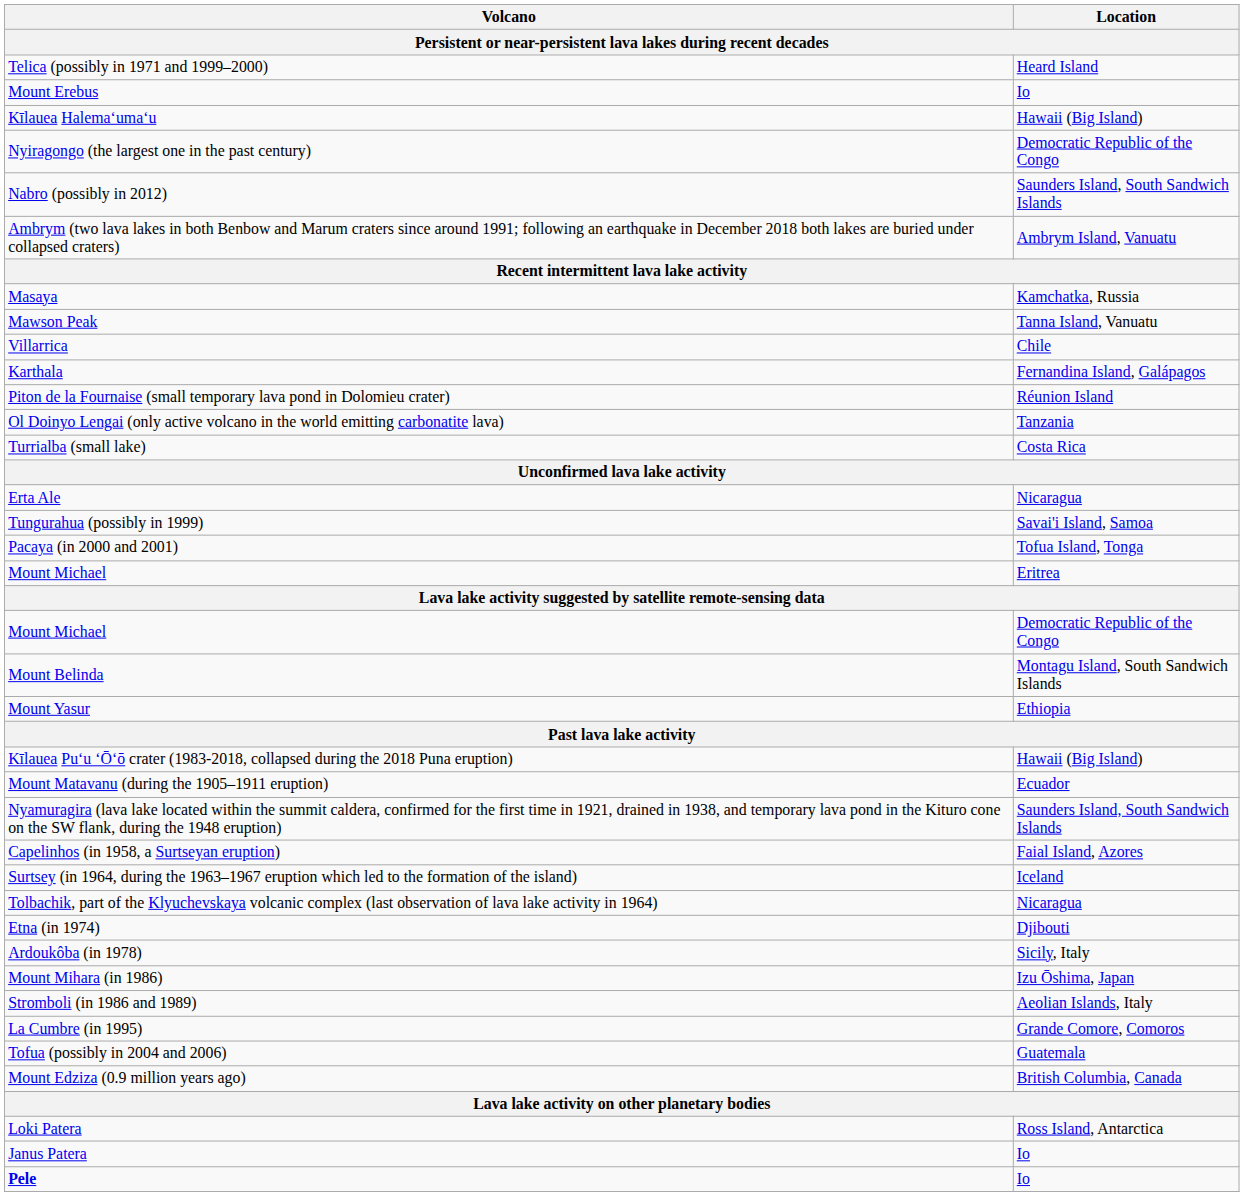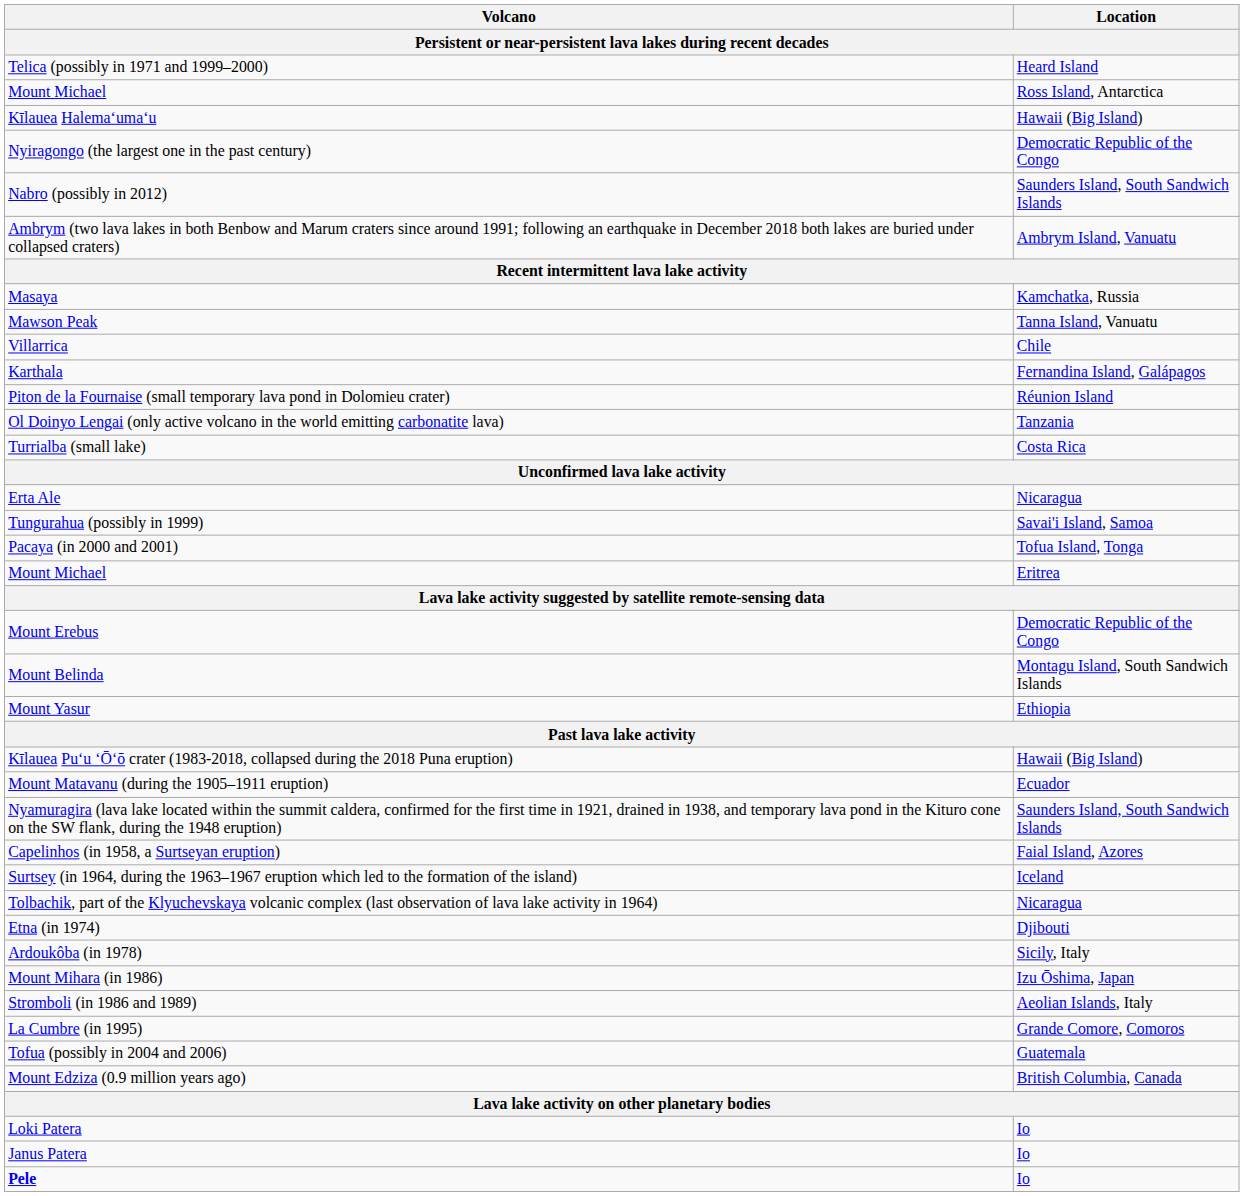 <table class="wikitable">
 <tr>
 <th>Volcano</th>
 <th>Location</th>
 </tr>
 <tr>
 <th scope="row" colspan="2">Persistent or near-persistent lava lakes during recent decades</th>
 </tr>
 <tr>
 <td><a href='#'>Telica</a> (possibly in 1971 and 1999–2000)</td>
 <td><a href='#'>Heard Island</a></td>
 </tr>
 <tr>
-<td><a href='#'>Mount Erebus</a></td>
-<td><a href='#'>Io</a></td>
+<td><a href='#'>Mount Michael</a></td>
+<td><a href='#'>Ross Island</a>, Antarctica</td>
 </tr>
 <tr>
 <td><a href='#'>Kīlauea</a> <a href='#'>Halemaʻumaʻu</a></td>
 <td><a href='#'>Hawaii</a> (<a href='#'>Big Island</a>)</td>
 </tr>
 <tr>
 <td><a href='#'>Nyiragongo</a> (the largest one in the past century)</td>
 <td><a href='#'>Democratic Republic of the Congo</a></td>
 </tr>
 <tr>
 <td><a href='#'>Nabro</a> (possibly in 2012)</td>
 <td><a href='#'>Saunders Island</a>, <a href='#'>South Sandwich Islands</a></td>
 </tr>
 <tr>
 <td><a href='#'>Ambrym</a> (two lava lakes in both Benbow and Marum craters since around 1991; following an earthquake in December 2018 both lakes are buried under collapsed craters)</td>
 <td><a href='#'>Ambrym Island</a>, <a href='#'>Vanuatu</a></td>
 </tr>
 <tr>
 <th scope="row" colspan="2">Recent intermittent lava lake activity</th>
 </tr>
 <tr>
 <td><a href='#'>Masaya</a></td>
 <td><a href='#'>Kamchatka</a>, Russia</td>
 </tr>
 <tr>
 <td><a href='#'>Mawson Peak</a></td>
 <td><a href='#'>Tanna Island</a>, Vanuatu</td>
 </tr>
 <tr>
 <td><a href='#'>Villarrica</a></td>
 <td><a href='#'>Chile</a></td>
 </tr>
 <tr>
 <td><a href='#'>Karthala</a></td>
 <td><a href='#'>Fernandina Island</a>, <a href='#'>Galápagos</a></td>
 </tr>
 <tr>
 <td><a href='#'>Piton de la Fournaise</a> (small temporary lava pond in Dolomieu crater)</td>
 <td><a href='#'>Réunion Island</a></td>
 </tr>
 <tr>
 <td><a href='#'>Ol Doinyo Lengai</a> (only active volcano in the world emitting <a href='#'>carbonatite</a> lava)</td>
 <td><a href='#'>Tanzania</a></td>
 </tr>
 <tr>
 <td><a href='#'>Turrialba</a> (small lake)</td>
 <td><a href='#'>Costa Rica</a></td>
 </tr>
 <tr>
 <th scope="row" colspan="2">Unconfirmed lava lake activity</th>
 </tr>
 <tr>
 <td><a href='#'>Erta Ale</a></td>
 <td><a href='#'>Nicaragua</a></td>
 </tr>
 <tr>
 <td><a href='#'>Tungurahua</a> (possibly in 1999)</td>
 <td><a href='#'>Savai'i Island</a>, <a href='#'>Samoa</a></td>
 </tr>
 <tr>
 <td><a href='#'>Pacaya</a> (in 2000 and 2001)</td>
 <td><a href='#'>Tofua Island</a>, <a href='#'>Tonga</a></td>
 </tr>
 <tr>
 <td><a href='#'>Mount Michael</a></td>
 <td><a href='#'>Eritrea</a></td>
 </tr>
 <tr>
 <th scope="row" colspan="2">Lava lake activity suggested by satellite remote-sensing data</th>
 </tr>
 <tr>
-<td><a href='#'>Mount Michael</a></td>
+<td><a href='#'>Mount Erebus</a></td>
 <td><a href='#'>Democratic Republic of the Congo</a></td>
 </tr>
 <tr>
 <td><a href='#'>Mount Belinda</a></td>
 <td><a href='#'>Montagu Island</a>, South Sandwich Islands</td>
 </tr>
 <tr>
 <td><a href='#'>Mount Yasur</a></td>
 <td><a href='#'>Ethiopia</a></td>
 </tr>
 <tr>
 <th scope="row" colspan="2">Past lava lake activity</th>
 </tr>
 <tr>
 <td><a href='#'>Kīlauea</a> <a href='#'>Puʻu ʻŌʻō</a> crater (1983-2018, collapsed during the 2018 Puna eruption)</td>
 <td><a href='#'>Hawaii</a> (<a href='#'>Big Island</a>)</td>
 </tr>
 <tr>
 <td><a href='#'>Mount Matavanu</a> (during the 1905–1911 eruption)</td>
 <td><a href='#'>Ecuador</a></td>
 </tr>
 <tr>
 <td><a href='#'>Nyamuragira</a> (lava lake located within the summit caldera, confirmed for the first time in 1921, drained in 1938, and temporary lava pond in the Kituro cone on the SW flank, during the 1948 eruption)</td>
 <td><a href='#'>Saunders Island, South Sandwich Islands</a></td>
 </tr>
 <tr>
 <td><a href='#'>Capelinhos</a> (in 1958, a <a href='#'>Surtseyan eruption</a>)</td>
 <td><a href='#'>Faial Island</a>, <a href='#'>Azores</a></td>
 </tr>
 <tr>
 <td><a href='#'>Surtsey</a> (in 1964, during the 1963–1967 eruption which led to the formation of the island)</td>
 <td><a href='#'>Iceland</a></td>
 </tr>
 <tr>
 <td><a href='#'>Tolbachik</a>, part of the <a href='#'>Klyuchevskaya</a> volcanic complex (last observation of lava lake activity in 1964)</td>
 <td><a href='#'>Nicaragua</a></td>
 </tr>
 <tr>
 <td><a href='#'>Etna</a> (in 1974)</td>
 <td><a href='#'>Djibouti</a></td>
 </tr>
 <tr>
 <td><a href='#'>Ardoukôba</a> (in 1978)</td>
 <td><a href='#'>Sicily</a>, Italy</td>
 </tr>
 <tr>
 <td><a href='#'>Mount Mihara</a> (in 1986)</td>
 <td><a href='#'>Izu Ōshima</a>, <a href='#'>Japan</a></td>
 </tr>
 <tr>
 <td><a href='#'>Stromboli</a> (in 1986 and 1989)</td>
 <td><a href='#'>Aeolian Islands</a>, Italy</td>
 </tr>
 <tr>
 <td><a href='#'>La Cumbre</a> (in 1995)</td>
 <td><a href='#'>Grande Comore</a>, <a href='#'>Comoros</a></td>
 </tr>
 <tr>
 <td><a href='#'>Tofua</a> (possibly in 2004 and 2006)</td>
 <td><a href='#'>Guatemala</a></td>
 </tr>
 <tr>
 <td><a href='#'>Mount Edziza</a> (0.9 million years ago)</td>
 <td><a href='#'>British Columbia</a>, <a href='#'>Canada</a></td>
 </tr>
 <tr>
 <th scope="row" colspan="2">Lava lake activity on other planetary bodies</th>
 </tr>
 <tr>
 <td><a href='#'>Loki Patera</a></td>
-<td><a href='#'>Ross Island</a>, Antarctica</td>
+<td><a href='#'>Io</a></td>
 </tr>
 <tr>
 <td><a href='#'>Janus Patera</a></td>
 <td><a href='#'>Io</a></td>
 </tr>
 <tr>
 <td><strong><a href='#'>Pele</a></strong></td>
 <td><a href='#'>Io</a></td>
 </tr>
 </table>
